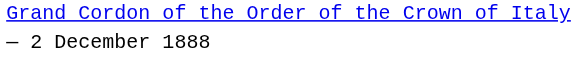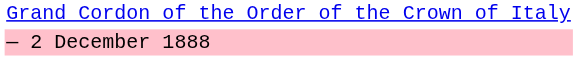 <table>
 <tr>
 <td rowspan=2 style="width:60px; vertical-align:top;"></td>
 <td><a href='#'>Grand Cordon of the Order of the Crown of Italy</a></td>
 </tr>
 <tr>
-<td>— 2 December 1888</td>
+<td style="background: pink;">— 2 December 1888</td>
 </tr>
 </table>
